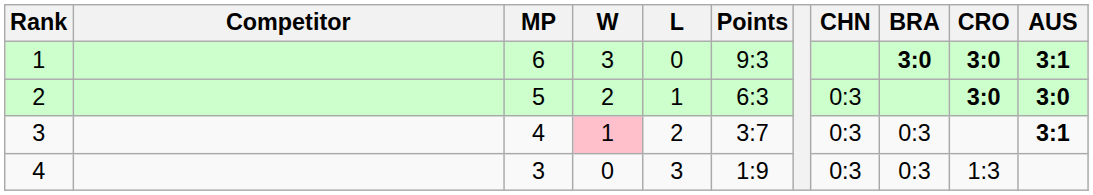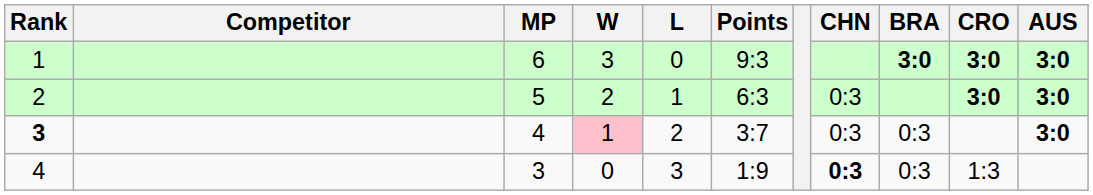 <table class="wikitable" style="text-align:center">
 <tr>
 <th>Rank</th>
 <th style="width:18em">Competitor</th>
 <th style="width:2.5em">MP</th>
 <th style="width:2.5em">W</th>
 <th style="width:2.5em">L</th>
 <th>Points</th>
 <th rowspan="5"> </th>
 <th style="width:2.5em">CHN</th>
 <th style="width:2.5em">BRA</th>
 <th style="width:2.5em">CRO</th>
 <th style="width:2.5em">AUS</th>
 </tr>
 <tr style="background:#cfc;">
 <td>1</td>
 <td style="text-align:left"></td>
 <td>6</td>
 <td>3</td>
 <td>0</td>
 <td>9:3</td>
 <td></td>
 <td><strong>3:0</strong></td>
 <td><strong>3:0</strong></td>
-<td><strong>3:1</strong></td>
+<td><strong>3:0</strong></td>
 </tr>
 <tr style="background:#cfc;">
 <td>2</td>
 <td style="text-align:left"></td>
 <td>5</td>
 <td>2</td>
 <td>1</td>
 <td>6:3</td>
 <td>0:3</td>
 <td></td>
 <td><strong>3:0</strong></td>
 <td><strong>3:0</strong></td>
 </tr>
 <tr>
-<td>3</td>
+<td><strong>3</strong></td>
 <td style="text-align:left"></td>
 <td>4</td>
 <td style="background: pink;">1</td>
 <td>2</td>
 <td>3:7</td>
 <td>0:3</td>
 <td>0:3</td>
 <td></td>
-<td><strong>3:1</strong></td>
+<td><strong>3:0</strong></td>
 </tr>
 <tr>
 <td>4</td>
 <td style="text-align:left"></td>
 <td>3</td>
 <td>0</td>
 <td>3</td>
 <td>1:9</td>
-<td>0:3</td>
+<td><strong>0:3</strong></td>
 <td>0:3</td>
 <td>1:3</td>
 <td></td>
 </tr>
 </table>
